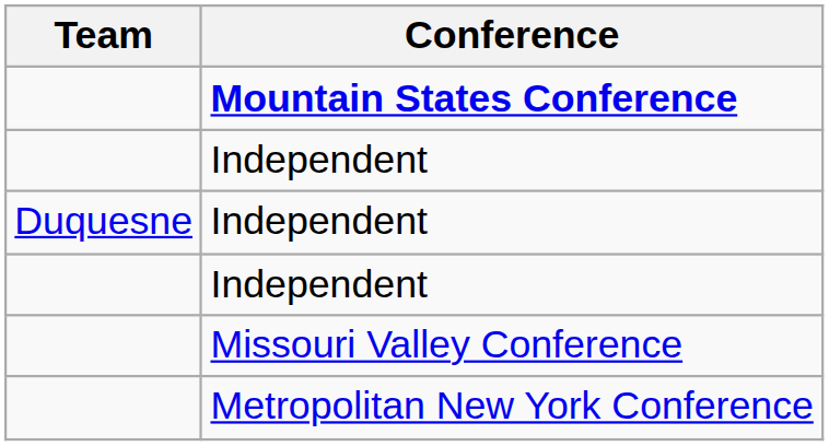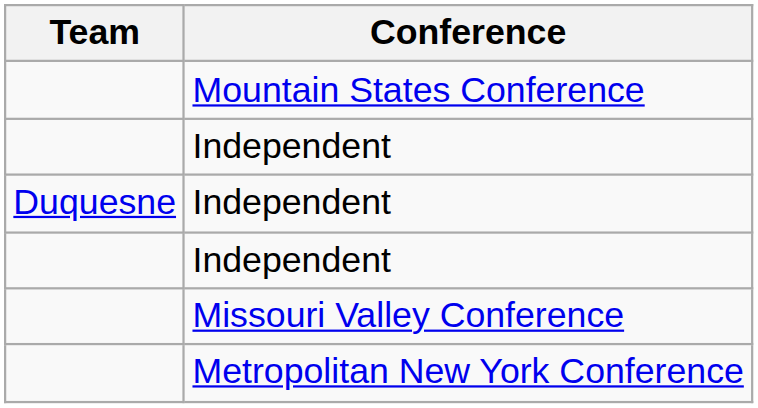 <table class="wikitable sortable" style="text-align: center;">
 <tr>
 <th>Team</th>
 <th>Conference</th>
 </tr>
 <tr>
 <td align=left></td>
-<td align=left><strong><a href='#'>Mountain States Conference</a></strong></td>
+<td align=left><a href='#'>Mountain States Conference</a></td>
 </tr>
 <tr>
 <td align=left></td>
 <td align=left>Independent</td>
 </tr>
 <tr>
 <td align=left><a href='#'>Duquesne</a></td>
 <td align=left>Independent</td>
 </tr>
 <tr>
 <td align=left></td>
 <td align=left>Independent</td>
 </tr>
 <tr>
 <td align=left></td>
 <td align=left><a href='#'>Missouri Valley Conference</a></td>
 </tr>
 <tr>
 <td align=left></td>
 <td align=left><a href='#'>Metropolitan New York Conference</a></td>
 </tr>
 </table>
